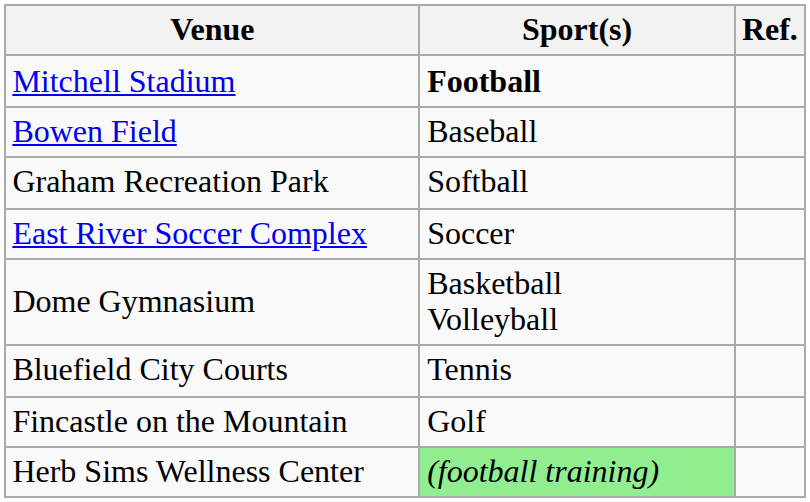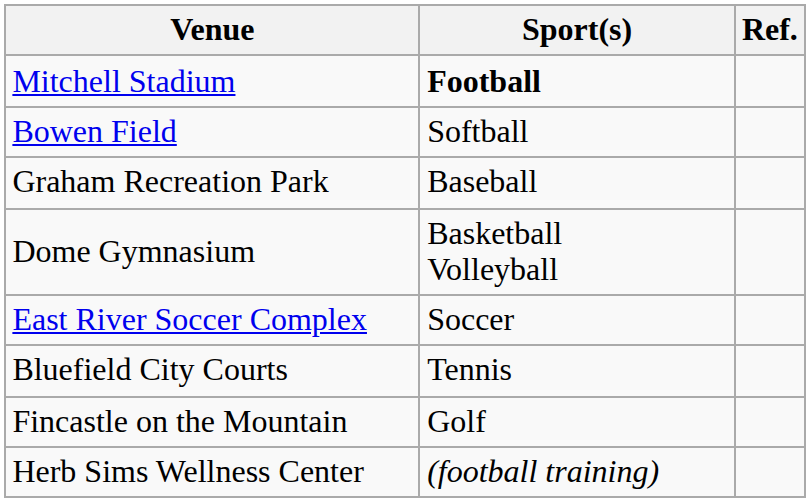 <table class="wikitable"; style= "text-align: ">
 <tr>
 <th width=200px>Venue</th>
 <th width=150px>Sport(s)</th>
 <th width=0px>Ref.</th>
 </tr>
 <tr>
 <td><a href='#'>Mitchell Stadium</a></td>
 <td><strong>Football</strong></td>
 <td></td>
 </tr>
 <tr>
 <td><a href='#'>Bowen Field</a> </td>
+<td>Softball</td>
+<td></td>
+</tr>
+<tr>
+<td>Graham Recreation Park </td>
 <td>Baseball</td>
 <td></td>
 </tr>
 <tr>
-<td>Graham Recreation Park </td>
-<td>Softball</td>
+<td>Dome Gymnasium</td>
+<td>Basketball <br> Volleyball</td>
 <td></td>
 </tr>
 <tr>
 <td><a href='#'>East River Soccer Complex</a> </td>
 <td>Soccer</td>
-<td></td>
-</tr>
-<tr>
-<td>Dome Gymnasium</td>
-<td>Basketball <br> Volleyball</td>
 <td></td>
 </tr>
 <tr>
 <td>Bluefield City Courts</td>
 <td>Tennis</td>
 <td></td>
 </tr>
 <tr>
 <td>Fincastle on the Mountain</td>
 <td>Golf</td>
 <td></td>
 </tr>
 <tr>
 <td>Herb Sims Wellness Center</td>
-<td style="background: lightgreen;"><em>(football training)</em></td>
+<td><em>(football training)</em></td>
 <td></td>
 </tr>
 </table>
